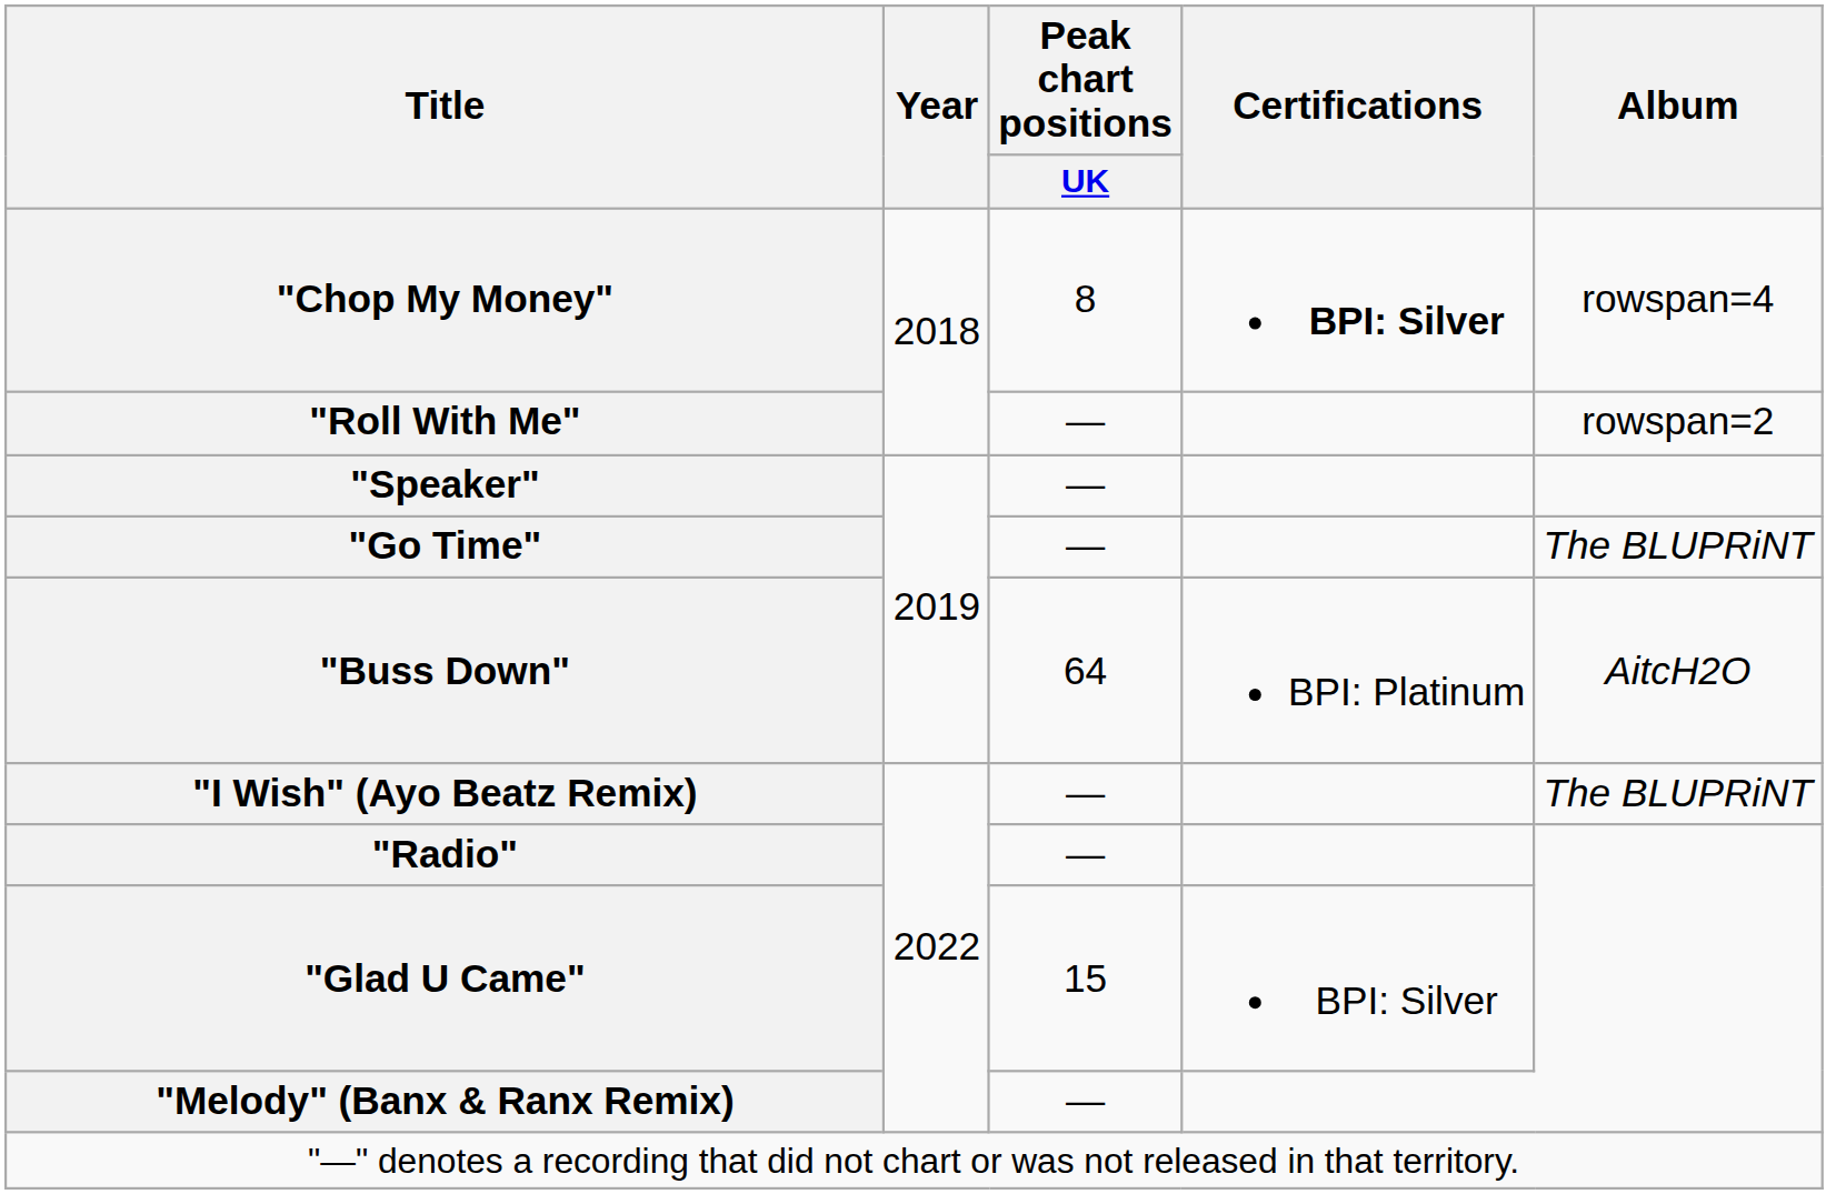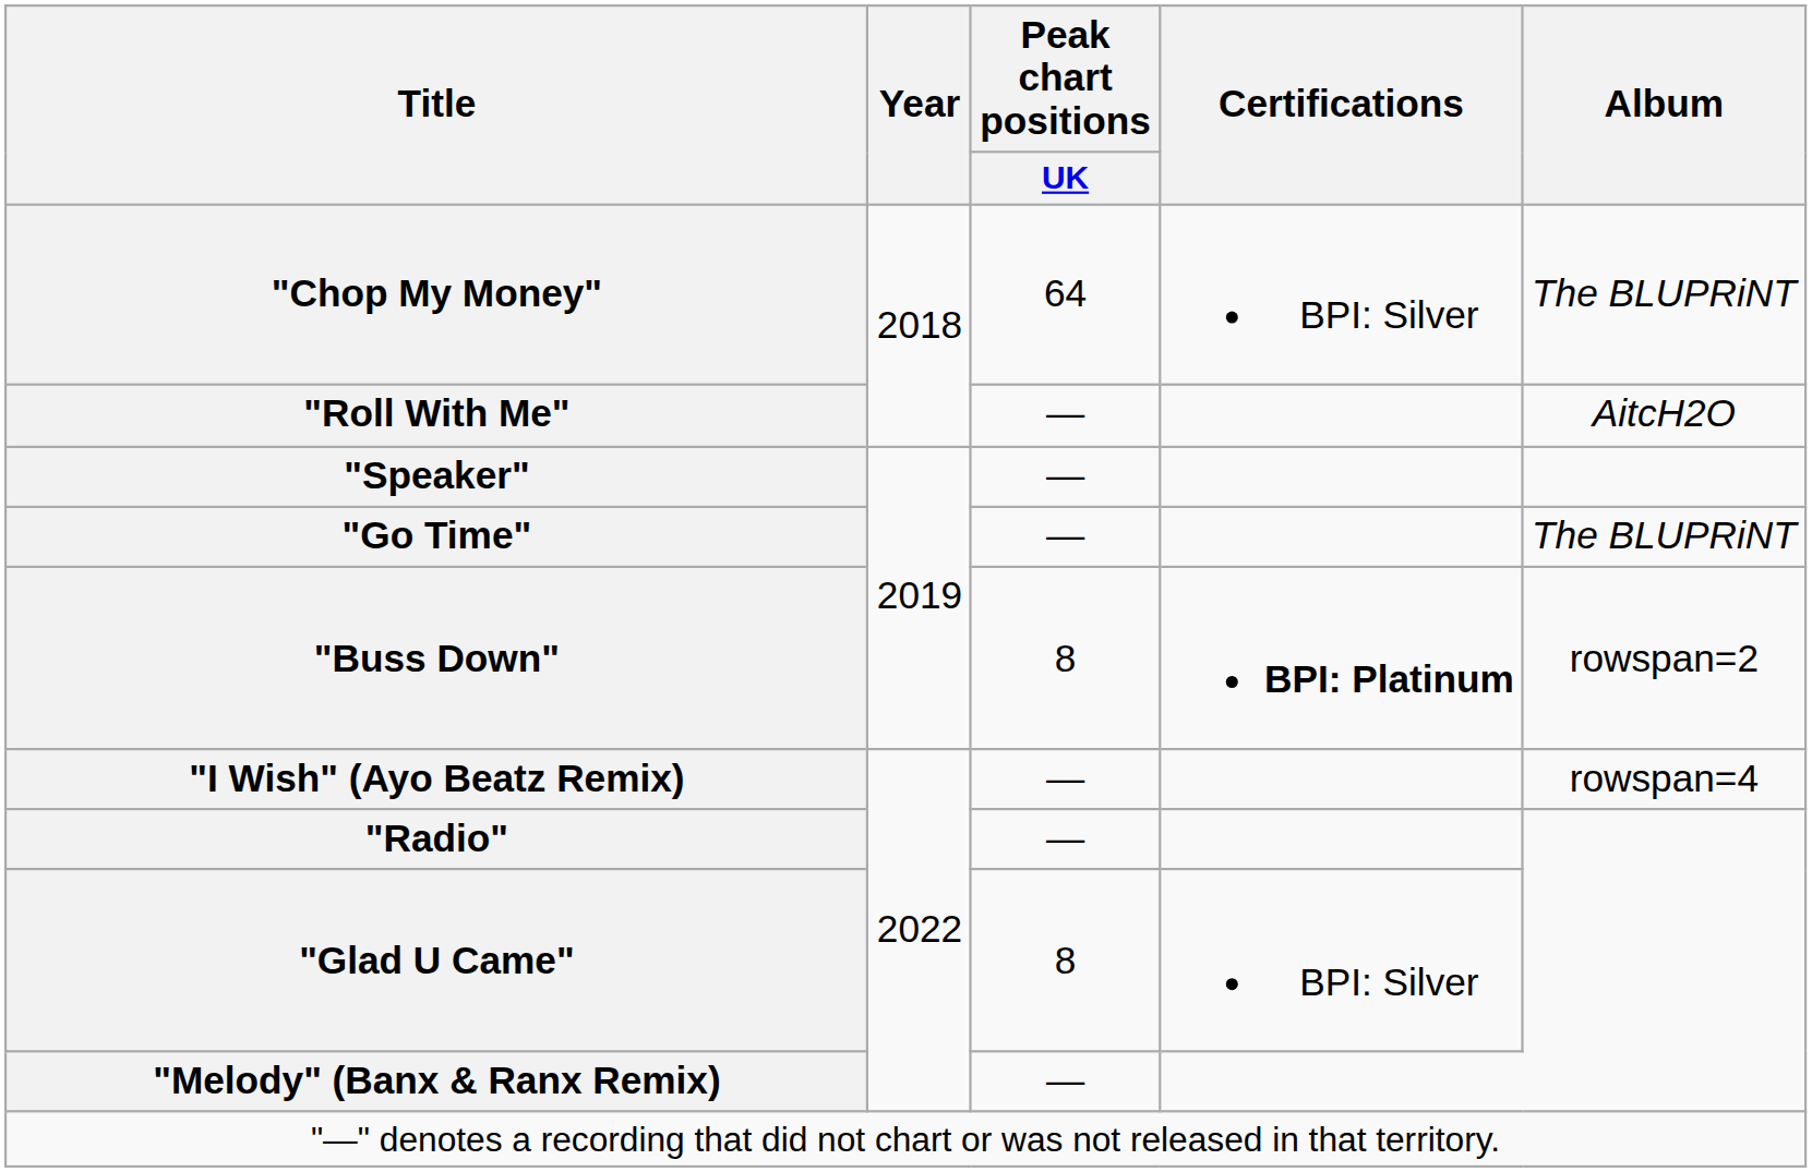 <table class="wikitable plainrowheaders" style="text-align:center;">
 <tr>
 <th scope="col" rowspan="2" style="width:22em;">Title</th>
 <th scope="col" rowspan="2">Year</th>
 <th scope="col" colspan="1">Peak chart positions</th>
 <th scope="col" rowspan="2">Certifications</th>
 <th scope="col" rowspan="2">Album</th>
 </tr>
 <tr>
 <th scope="col" style="width:3em;font-size:85%;"><a href='#'>UK</a><br></th>
 </tr>
 <tr>
 <th scope="row">"Chop My Money"<br></th>
 <td rowspan=2>2018</td>
-<td>8</td>
-<td><strong><br><ul><li>BPI: Silver</li></ul></strong></td>
-<td>rowspan=4  </td>
+<td>64</td>
+<td><br><ul><li>BPI: Silver</li></ul></td>
+<td><em>The BLUPRiNT</em></td>
 </tr>
 <tr>
 <th scope="row">"Roll With Me"<br></th>
 <td>—</td>
 <td></td>
-<td>rowspan=2 </td>
+<td><em>AitcH2O</em></td>
 </tr>
 <tr>
 <th scope="row">"Speaker"<br></th>
 <td rowspan=3>2019</td>
 <td>—</td>
 <td></td>
 </tr>
 <tr>
 <th scope="row">"Go Time"<br></th>
 <td>—</td>
 <td></td>
 <td><em>The BLUPRiNT</em></td>
 </tr>
 <tr>
 <th scope="row">"Buss Down"<br></th>
-<td>64</td>
-<td><br><ul><li>BPI: Platinum</li></ul></td>
-<td><em>AitcH2O</em></td>
+<td>8</td>
+<td><strong><br><ul><li>BPI: Platinum</li></ul></strong></td>
+<td>rowspan=2 </td>
 </tr>
 <tr>
 <th scope="row">"I Wish" (Ayo Beatz Remix)<br></th>
 <td rowspan=4>2022</td>
 <td>—</td>
 <td></td>
-<td><em>The BLUPRiNT</em></td>
+<td>rowspan=4  </td>
 </tr>
 <tr>
 <th scope="row">"Radio"<br></th>
 <td>—</td>
 <td></td>
 </tr>
 <tr>
 <th scope="row">"Glad U Came"<br></th>
-<td>15</td>
+<td>8</td>
 <td><br><ul><li>BPI: Silver</li></ul></td>
 </tr>
 <tr>
 <th scope="row">"Melody" (Banx & Ranx Remix)<br></th>
 <td>—</td>
 </tr>
 <tr>
 <td colspan="5" style="font-size:90%">"—" denotes a recording that did not chart or was not released in that territory.</td>
 </tr>
 </table>
